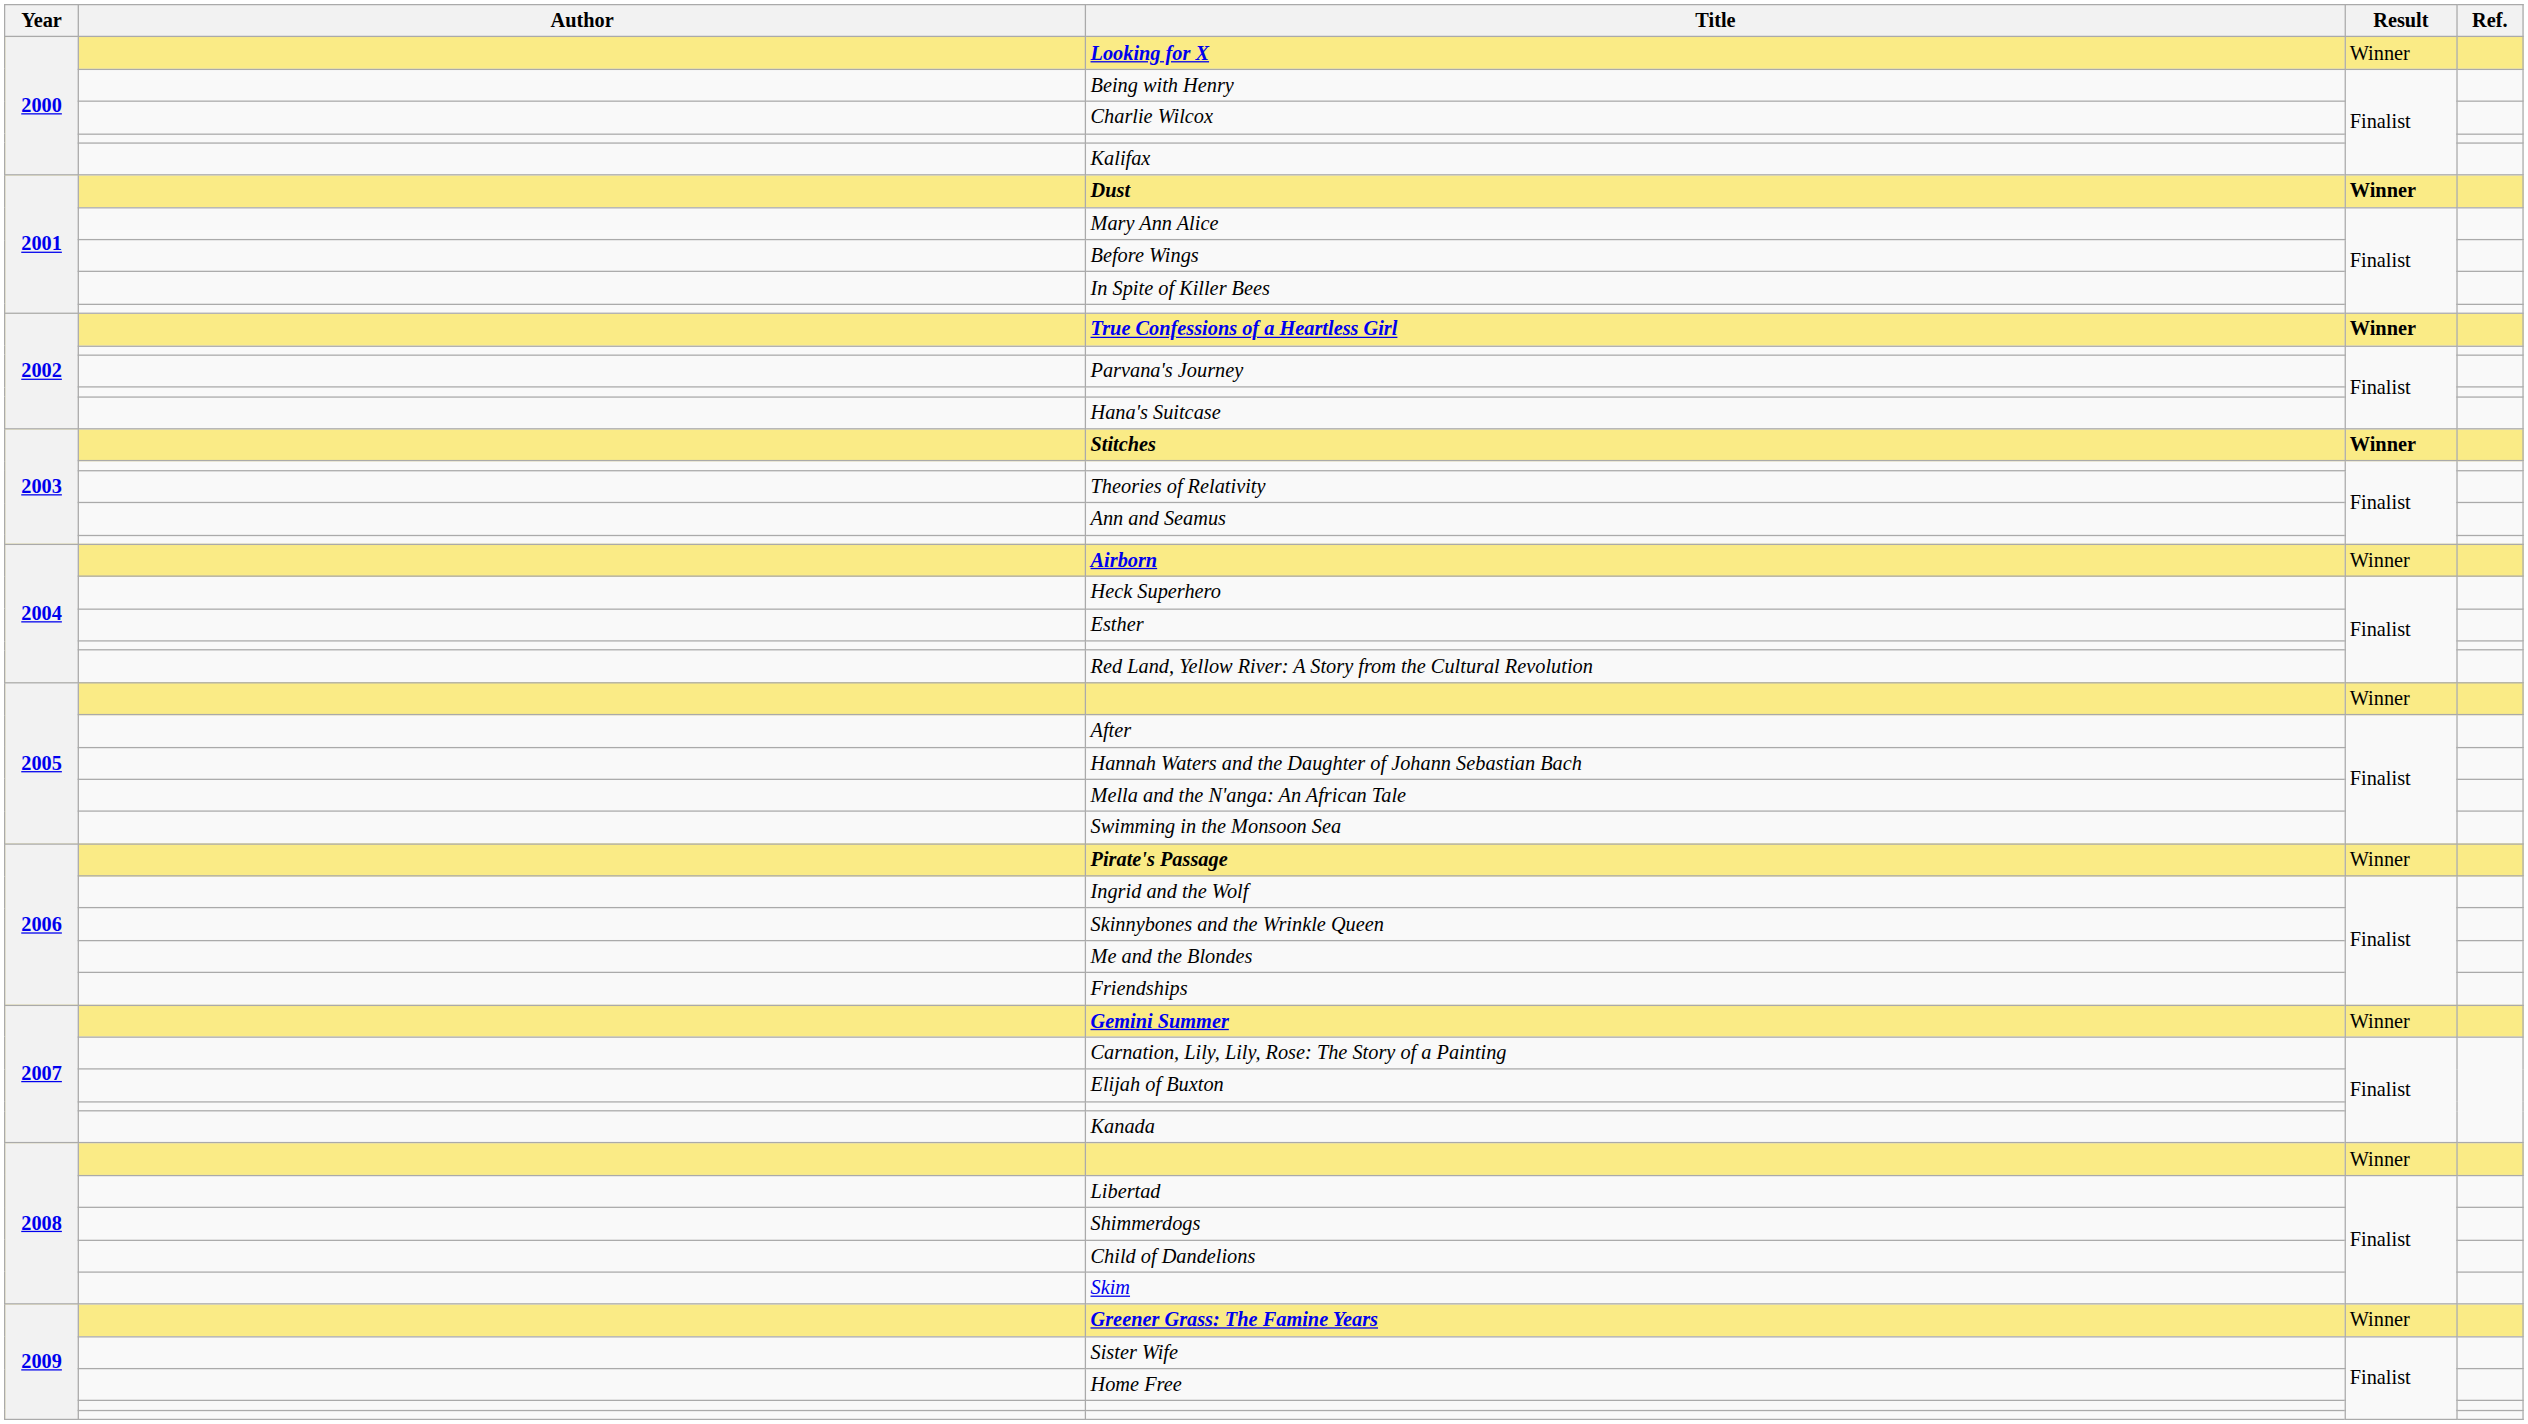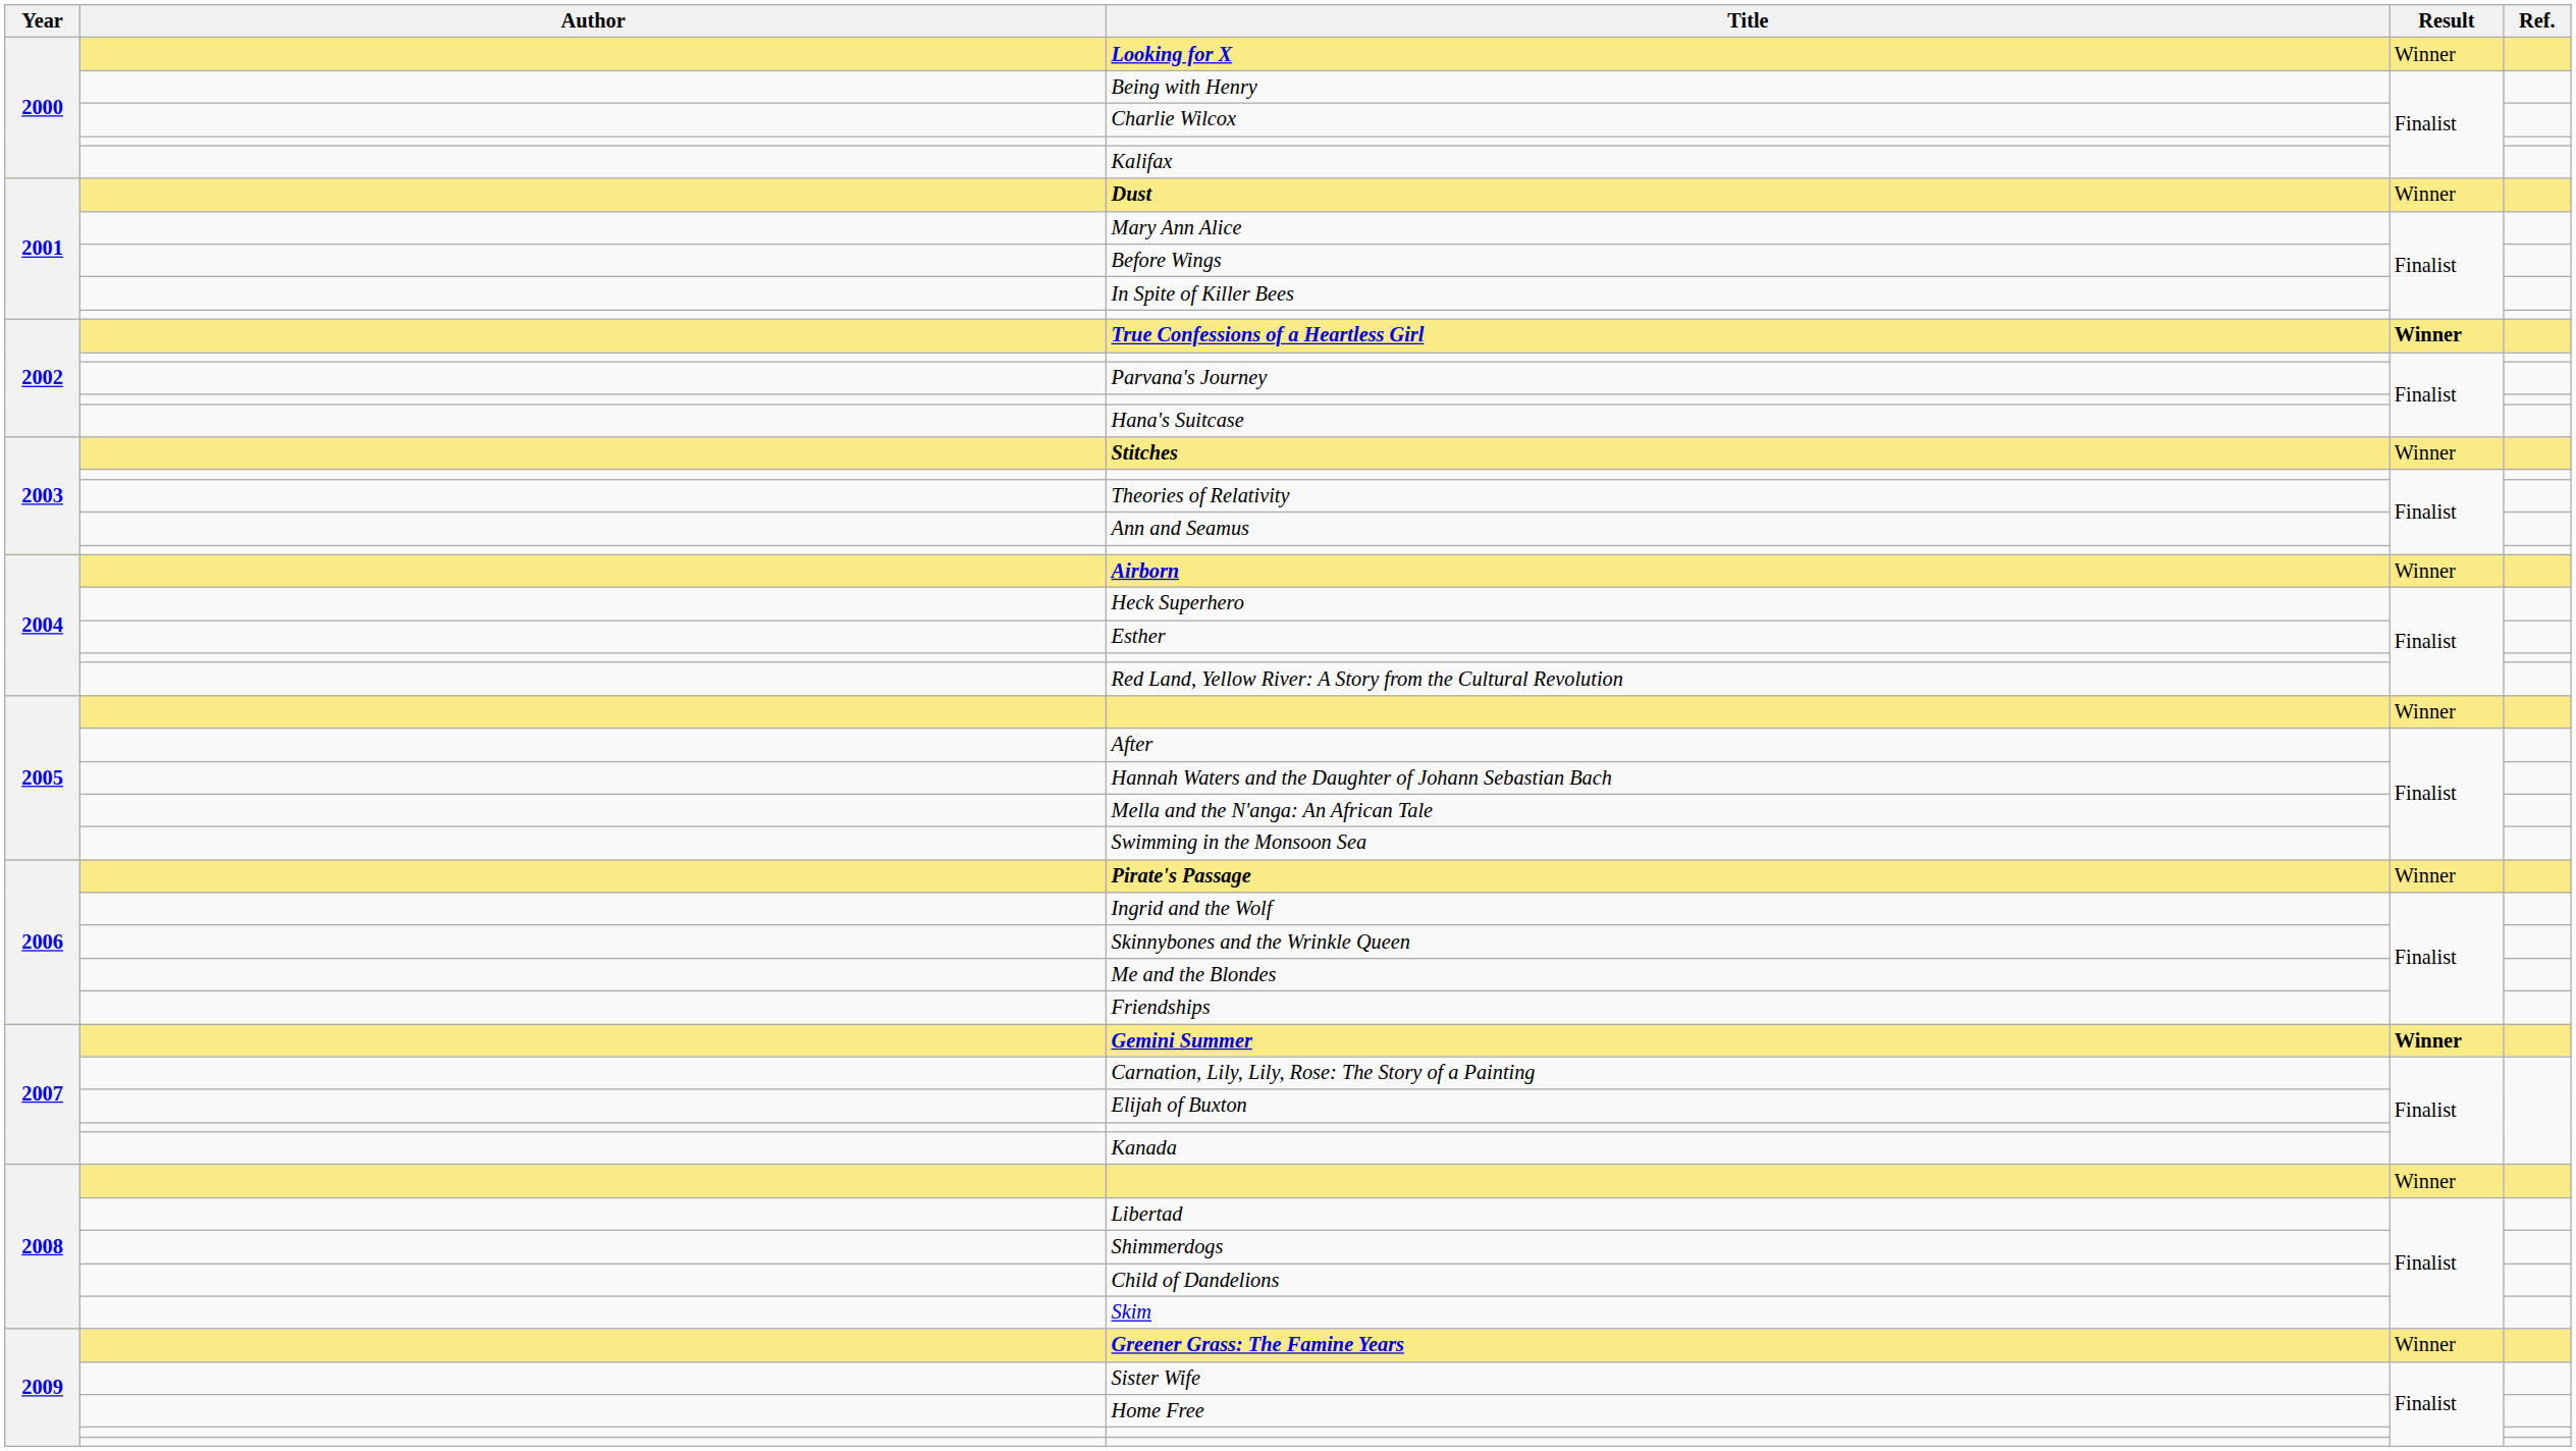 <table class="wikitable sortable mw-collapsible" width="100%">
 <tr>
 <th>Year</th>
 <th width="40%">Author</th>
 <th width="50%">Title</th>
 <th>Result</th>
 <th>Ref.</th>
 </tr>
 <tr style="background:#FAEB86">
 <th rowspan="5"><a href='#'>2000</a></th>
 <td><strong></strong></td>
 <td><strong><em><a href='#'>Looking for X</a></em></strong></td>
 <td>Winner</td>
 <td></td>
 </tr>
 <tr>
 <td></td>
 <td><em>Being with Henry</em></td>
 <td rowspan="4">Finalist</td>
 <td></td>
 </tr>
 <tr>
 <td></td>
 <td><em>Charlie Wilcox</em></td>
 <td></td>
 </tr>
 <tr>
 <td></td>
 <td></td>
 <td></td>
 </tr>
 <tr>
 <td></td>
 <td><em>Kalifax</em></td>
 <td></td>
 </tr>
 <tr style="background:#FAEB86">
 <th rowspan="5"><a href='#'>2001</a></th>
 <td><strong></strong></td>
 <td><strong><em>Dust</em></strong></td>
-<td><strong>Winner</strong></td>
+<td>Winner</td>
 <td></td>
 </tr>
 <tr>
 <td></td>
 <td><em>Mary Ann Alice</em></td>
 <td rowspan="4">Finalist</td>
 <td></td>
 </tr>
 <tr>
 <td></td>
 <td><em>Before Wings</em></td>
 <td></td>
 </tr>
 <tr>
 <td></td>
 <td><em>In Spite of Killer Bees</em></td>
 <td></td>
 </tr>
 <tr>
 <td></td>
 <td></td>
 <td></td>
 </tr>
 <tr style="background:#FAEB86">
 <th rowspan="5"><a href='#'>2002</a></th>
 <td><strong></strong></td>
 <td><strong><em><a href='#'>True Confessions of a Heartless Girl</a></em></strong></td>
 <td><strong>Winner</strong></td>
 <td></td>
 </tr>
 <tr>
 <td></td>
 <td></td>
 <td rowspan="4">Finalist</td>
 <td></td>
 </tr>
 <tr>
 <td></td>
 <td><em>Parvana's Journey</em></td>
 <td></td>
 </tr>
 <tr>
 <td></td>
 <td></td>
 <td></td>
 </tr>
 <tr>
 <td></td>
 <td><em>Hana's Suitcase</em></td>
 <td></td>
 </tr>
 <tr style="background:#FAEB86">
 <th rowspan="5"><a href='#'>2003</a></th>
 <td><strong></strong></td>
 <td><strong><em>Stitches</em></strong></td>
-<td><strong>Winner</strong></td>
+<td>Winner</td>
 <td></td>
 </tr>
 <tr>
 <td></td>
 <td></td>
 <td rowspan="4">Finalist</td>
 <td></td>
 </tr>
 <tr>
 <td></td>
 <td><em>Theories of Relativity</em></td>
 <td></td>
 </tr>
 <tr>
 <td></td>
 <td><em>Ann and Seamus</em></td>
 <td></td>
 </tr>
 <tr>
 <td></td>
 <td></td>
 <td></td>
 </tr>
 <tr style="background:#FAEB86">
 <th rowspan="5"><a href='#'>2004</a></th>
 <td><strong></strong></td>
 <td><strong><em><a href='#'>Airborn</a></em></strong></td>
 <td>Winner</td>
 <td></td>
 </tr>
 <tr>
 <td></td>
 <td><em>Heck Superhero</em></td>
 <td rowspan="4">Finalist</td>
 <td></td>
 </tr>
 <tr>
 <td></td>
 <td><em>Esther</em></td>
 <td></td>
 </tr>
 <tr>
 <td></td>
 <td></td>
 <td></td>
 </tr>
 <tr>
 <td></td>
 <td><em>Red Land, Yellow River: A Story from the Cultural Revolution</em></td>
 <td></td>
 </tr>
 <tr style="background:#FAEB86">
 <th rowspan="5"><a href='#'>2005</a></th>
 <td><strong></strong></td>
 <td><strong></strong></td>
 <td>Winner</td>
 <td></td>
 </tr>
 <tr>
 <td></td>
 <td><em>After</em></td>
 <td rowspan="4">Finalist</td>
 <td></td>
 </tr>
 <tr>
 <td></td>
 <td><em>Hannah Waters and the Daughter of Johann Sebastian Bach</em></td>
 <td></td>
 </tr>
 <tr>
 <td></td>
 <td><em>Mella and the N'anga: An African Tale</em></td>
 <td></td>
 </tr>
 <tr>
 <td></td>
 <td><em>Swimming in the Monsoon Sea</em></td>
 <td></td>
 </tr>
 <tr style="background:#FAEB86">
 <th rowspan="5"><a href='#'>2006</a></th>
 <td><strong></strong></td>
 <td><strong><em>Pirate's Passage</em></strong></td>
 <td>Winner</td>
 <td></td>
 </tr>
 <tr>
 <td></td>
 <td><em>Ingrid and the Wolf</em></td>
 <td rowspan="4">Finalist</td>
 <td></td>
 </tr>
 <tr>
 <td></td>
 <td><em>Skinnybones and the Wrinkle Queen</em></td>
 <td></td>
 </tr>
 <tr>
 <td></td>
 <td><em>Me and the Blondes</em></td>
 <td></td>
 </tr>
 <tr>
 <td></td>
 <td><em>Friendships</em></td>
 <td></td>
 </tr>
 <tr style="background:#FAEB86">
 <th rowspan="5"><a href='#'>2007</a></th>
 <td><strong></strong></td>
 <td><strong><em><a href='#'>Gemini Summer</a></em></strong></td>
-<td>Winner</td>
+<td><strong>Winner</strong></td>
 <td></td>
 </tr>
 <tr>
 <td></td>
 <td><em>Carnation, Lily, Lily, Rose: The Story of a Painting</em></td>
 <td rowspan="4">Finalist</td>
 <td rowspan=4></td>
 </tr>
 <tr>
 <td></td>
 <td><em>Elijah of Buxton</em></td>
 </tr>
 <tr>
 <td></td>
 <td></td>
 </tr>
 <tr>
 <td></td>
 <td><em>Kanada</em></td>
 </tr>
 <tr style="background:#FAEB86">
 <th rowspan="5"><a href='#'>2008</a></th>
 <td><strong></strong></td>
 <td><strong></strong></td>
 <td>Winner</td>
 <td></td>
 </tr>
 <tr>
 <td></td>
 <td><em>Libertad</em></td>
 <td rowspan="4">Finalist</td>
 <td></td>
 </tr>
 <tr>
 <td></td>
 <td><em>Shimmerdogs</em></td>
 <td></td>
 </tr>
 <tr>
 <td></td>
 <td><em>Child of Dandelions</em></td>
 <td></td>
 </tr>
 <tr>
 <td></td>
 <td><em><a href='#'>Skim</a></em></td>
 <td></td>
 </tr>
 <tr style="background:#FAEB86">
 <th rowspan="5"><a href='#'>2009</a></th>
 <td><strong></strong></td>
 <td><strong><em><a href='#'>Greener Grass: The Famine Years</a></em></strong></td>
 <td>Winner</td>
 <td></td>
 </tr>
 <tr>
 <td></td>
 <td><em>Sister Wife</em></td>
 <td rowspan="4">Finalist</td>
 <td></td>
 </tr>
 <tr>
 <td></td>
 <td><em>Home Free</em></td>
 <td></td>
 </tr>
 <tr>
 <td></td>
 <td></td>
 <td></td>
 </tr>
 <tr>
 <td></td>
 <td></td>
 <td></td>
 </tr>
 </table>
